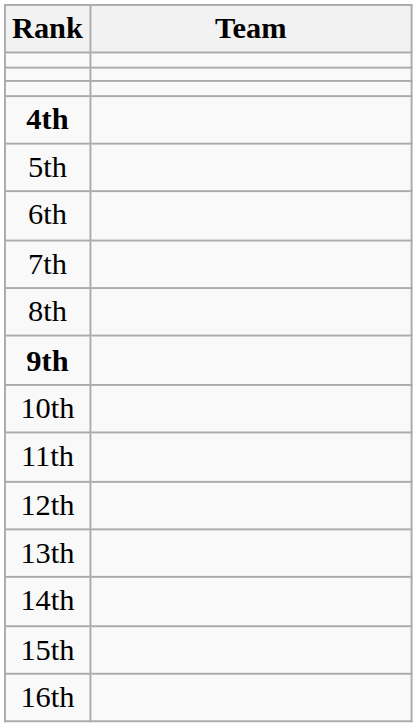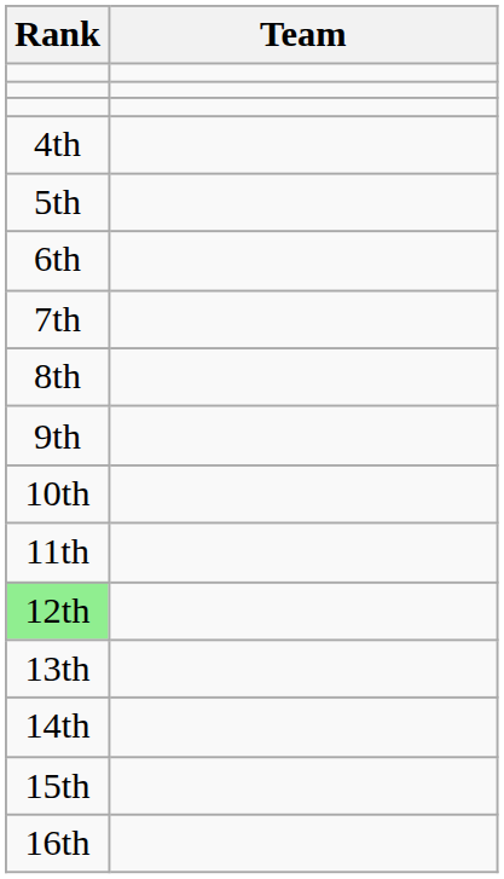 <table class=wikitable style="text-align:center;">
 <tr>
 <th>Rank</th>
 <th width=162>Team</th>
 </tr>
 <tr>
 <td></td>
 <td align=left></td>
 </tr>
 <tr>
 <td></td>
 <td align=left></td>
 </tr>
 <tr>
 <td></td>
 <td align=left></td>
 </tr>
 <tr>
-<td><strong>4th</strong></td>
+<td>4th</td>
 <td align=left></td>
 </tr>
 <tr>
 <td>5th</td>
 <td align=left></td>
 </tr>
 <tr>
 <td>6th</td>
 <td align=left></td>
 </tr>
 <tr>
 <td>7th</td>
 <td align=left></td>
 </tr>
 <tr>
 <td>8th</td>
 <td align=left></td>
 </tr>
 <tr>
-<td><strong>9th</strong></td>
+<td>9th</td>
 <td align=left></td>
 </tr>
 <tr>
 <td>10th</td>
 <td align=left></td>
 </tr>
 <tr>
 <td>11th</td>
 <td align=left></td>
 </tr>
 <tr>
-<td>12th</td>
+<td style="background: lightgreen;">12th</td>
 <td align=left></td>
 </tr>
 <tr>
 <td>13th</td>
 <td align=left></td>
 </tr>
 <tr>
 <td>14th</td>
 <td align=left></td>
 </tr>
 <tr>
 <td>15th</td>
 <td align=left></td>
 </tr>
 <tr>
 <td>16th</td>
 <td align=left></td>
 </tr>
 </table>
